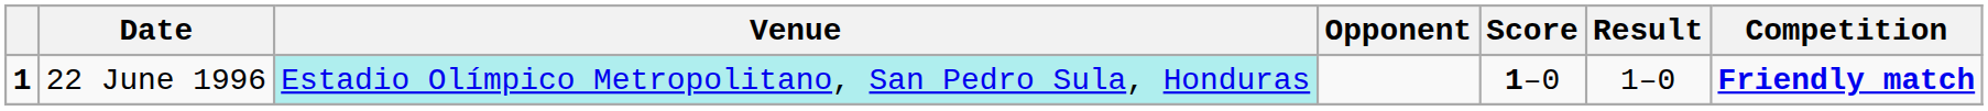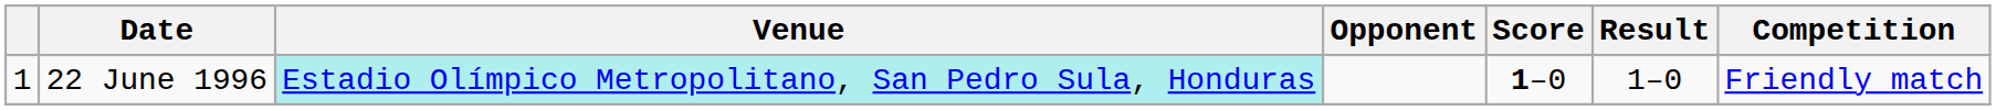 <table class="wikitable">
 <tr>
 <th></th>
 <th>Date</th>
 <th>Venue</th>
 <th>Opponent</th>
 <th>Score</th>
 <th>Result</th>
 <th>Competition</th>
 </tr>
 <tr>
-<td align="center"><strong>1</strong></td>
+<td align="center">1</td>
 <td>22 June 1996</td>
 <td style="background: paleturquoise;"><a href='#'>Estadio Olímpico Metropolitano</a>, <a href='#'>San Pedro Sula</a>, <a href='#'>Honduras</a></td>
 <td></td>
 <td align="center"><strong>1</strong>–0</td>
 <td align="center">1–0</td>
-<td><strong><a href='#'>Friendly match</a></strong></td>
+<td><a href='#'>Friendly match</a></td>
 </tr>
 <tr>
 </tr>
 </table>
